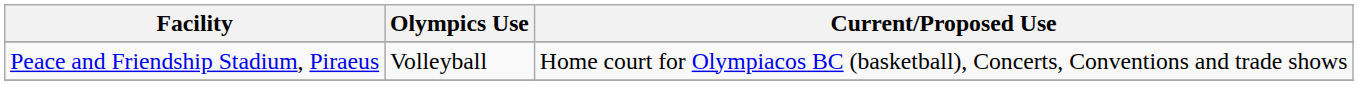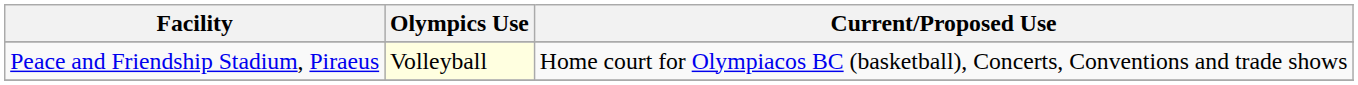 <table class="wikitable" border="1">
 <tr>
 <th>Facility</th>
 <th>Olympics Use</th>
 <th>Current/Proposed Use</th>
 </tr>
 <tr>
 </tr>
 <tr>
 <td><a href='#'>Peace and Friendship Stadium</a>, <a href='#'>Piraeus</a></td>
-<td>Volleyball</td>
+<td style="background: lightyellow;">Volleyball</td>
 <td>Home court for <a href='#'>Olympiacos BC</a> (basketball), Concerts, Conventions and trade shows</td>
 </tr>
 <tr>
 </tr>
 </table>
